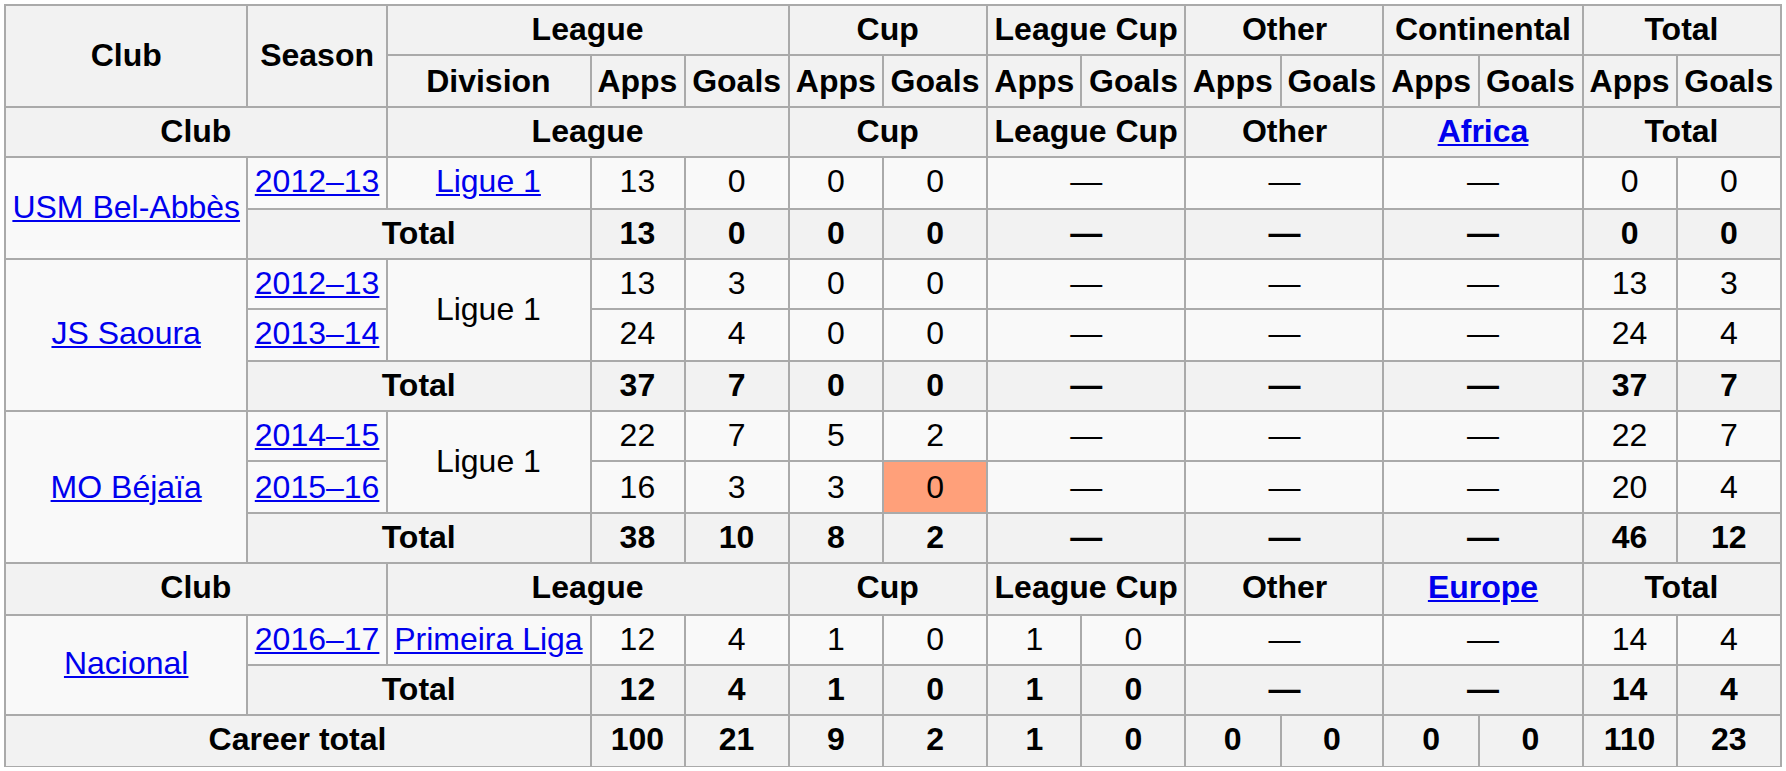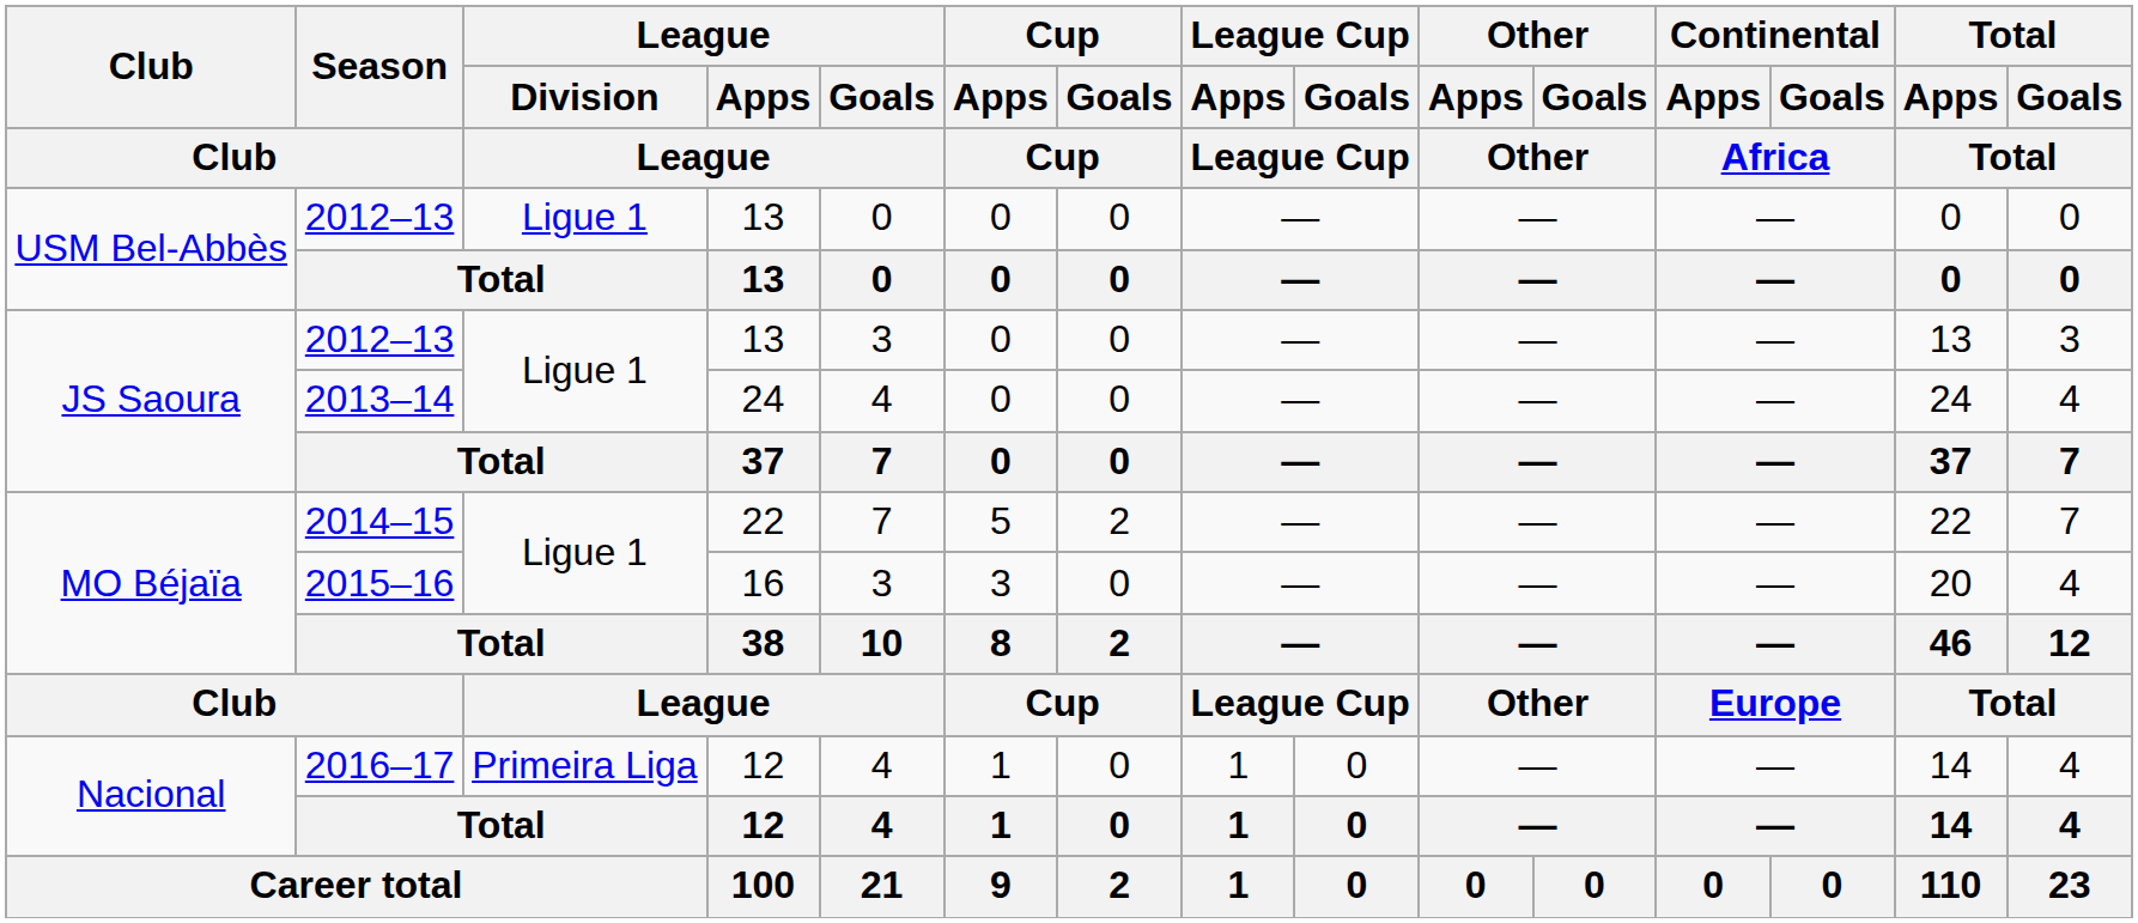 <table class="wikitable" style="text-align: center">
 <tr>
 <th rowspan=2>Club</th>
 <th rowspan=2>Season</th>
 <th colspan=3>League</th>
 <th colspan=2>Cup</th>
 <th colspan=2>League Cup</th>
 <th colspan=2>Other</th>
 <th colspan=2>Continental</th>
 <th colspan=2>Total</th>
 </tr>
 <tr>
 <th>Division</th>
 <th>Apps</th>
 <th>Goals</th>
 <th>Apps</th>
 <th>Goals</th>
 <th>Apps</th>
 <th>Goals</th>
 <th>Apps</th>
 <th>Goals</th>
 <th>Apps</th>
 <th>Goals</th>
 <th>Apps</th>
 <th>Goals</th>
 </tr>
 <tr>
 <th colspan=2>Club</th>
 <th colspan=3>League</th>
 <th colspan=2>Cup</th>
 <th colspan=2>League Cup</th>
 <th colspan=2>Other</th>
 <th colspan=2><a href='#'>Africa</a></th>
 <th colspan=2>Total</th>
 </tr>
 <tr>
 <td rowspan=2><a href='#'>USM Bel-Abbès</a></td>
 <td><a href='#'>2012–13</a></td>
 <td><a href='#'>Ligue 1</a></td>
 <td>13</td>
 <td>0</td>
 <td>0</td>
 <td>0</td>
 <td colspan=2>—</td>
 <td colspan=2>—</td>
 <td colspan=2>—</td>
 <td>0</td>
 <td>0</td>
 </tr>
 <tr>
 <th colspan=2>Total</th>
 <th>13</th>
 <th>0</th>
 <th>0</th>
 <th>0</th>
 <th colspan=2>—</th>
 <th colspan=2>—</th>
 <th colspan=2>—</th>
 <th>0</th>
 <th>0</th>
 </tr>
 <tr>
 <td rowspan=3><a href='#'>JS Saoura</a></td>
 <td><a href='#'>2012–13</a></td>
 <td rowspan=2>Ligue 1</td>
 <td>13</td>
 <td>3</td>
 <td>0</td>
 <td>0</td>
 <td colspan=2>—</td>
 <td colspan=2>—</td>
 <td colspan=2>—</td>
 <td>13</td>
 <td>3</td>
 </tr>
 <tr>
 <td><a href='#'>2013–14</a></td>
 <td>24</td>
 <td>4</td>
 <td>0</td>
 <td>0</td>
 <td colspan=2>—</td>
 <td colspan=2>—</td>
 <td colspan=2>—</td>
 <td>24</td>
 <td>4</td>
 </tr>
 <tr>
 <th colspan=2>Total</th>
 <th>37</th>
 <th>7</th>
 <th>0</th>
 <th>0</th>
 <th colspan=2>—</th>
 <th colspan=2>—</th>
 <th colspan=2>—</th>
 <th>37</th>
 <th>7</th>
 </tr>
 <tr>
 <td rowspan=3><a href='#'>MO Béjaïa</a></td>
 <td><a href='#'>2014–15</a></td>
 <td rowspan=2>Ligue 1</td>
 <td>22</td>
 <td>7</td>
 <td>5</td>
 <td>2</td>
 <td colspan=2>—</td>
 <td colspan=2>—</td>
 <td colspan=2>—</td>
 <td>22</td>
 <td>7</td>
 </tr>
 <tr>
 <td><a href='#'>2015–16</a></td>
 <td>16</td>
 <td>3</td>
 <td>3</td>
-<td style="background: lightsalmon;">0</td>
+<td>0</td>
 <td colspan=2>—</td>
 <td colspan=2>—</td>
 <td colspan=2>—</td>
 <td>20</td>
 <td>4</td>
 </tr>
 <tr>
 <th colspan=2>Total</th>
 <th>38</th>
 <th>10</th>
 <th>8</th>
 <th>2</th>
 <th colspan=2>—</th>
 <th colspan=2>—</th>
 <th colspan=2>—</th>
 <th>46</th>
 <th>12</th>
 </tr>
 <tr>
 <th colspan=2>Club</th>
 <th colspan=3>League</th>
 <th colspan=2>Cup</th>
 <th colspan=2>League Cup</th>
 <th colspan=2>Other</th>
 <th colspan=2><a href='#'>Europe</a></th>
 <th colspan=2>Total</th>
 </tr>
 <tr>
 <td rowspan=2><a href='#'>Nacional</a></td>
 <td><a href='#'>2016–17</a></td>
 <td><a href='#'>Primeira Liga</a></td>
 <td>12</td>
 <td>4</td>
 <td>1</td>
 <td>0</td>
 <td>1</td>
 <td>0</td>
 <td colspan=2>—</td>
 <td colspan=2>—</td>
 <td>14</td>
 <td>4</td>
 </tr>
 <tr>
 <th colspan=2>Total</th>
 <th>12</th>
 <th>4</th>
 <th>1</th>
 <th>0</th>
 <th>1</th>
 <th>0</th>
 <th colspan=2>—</th>
 <th colspan=2>—</th>
 <th>14</th>
 <th>4</th>
 </tr>
 <tr>
 <th colspan=3>Career total</th>
 <th>100</th>
 <th>21</th>
 <th>9</th>
 <th>2</th>
 <th>1</th>
 <th>0</th>
 <th>0</th>
 <th>0</th>
 <th>0</th>
 <th>0</th>
 <th>110</th>
 <th>23</th>
 </tr>
 </table>
